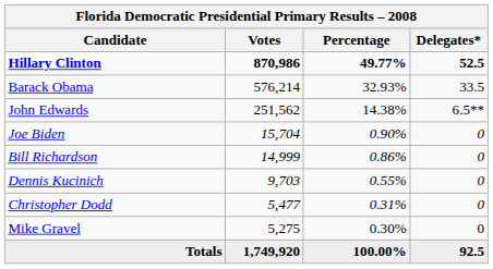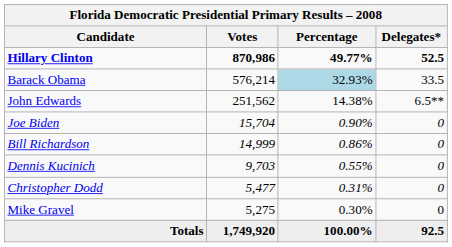 <table class="wikitable" style="font-size: 95%; text-align:right;">
 <tr>
 <th colspan="6">Florida Democratic Presidential Primary Results – 2008</th>
 </tr>
 <tr>
 <th style="width: 15em">Candidate</th>
 <th style="width: 5em">Votes</th>
 <th style="width: 7em">Percentage</th>
 <th style="width: 5em">Delegates*</th>
 </tr>
 <tr>
 <td align="left"><strong><a href='#'>Hillary Clinton</a></strong></td>
 <td><strong>870,986</strong></td>
 <td><strong>49.77%</strong></td>
 <td><strong>52.5</strong></td>
 </tr>
 <tr>
 <td align="left"><a href='#'>Barack Obama</a></td>
 <td>576,214</td>
-<td>32.93%</td>
+<td style="background: lightblue;">32.93%</td>
 <td>33.5</td>
 </tr>
 <tr>
 <td align="left"><a href='#'>John Edwards</a></td>
 <td>251,562</td>
 <td>14.38%</td>
 <td>6.5**</td>
 </tr>
 <tr>
 <td align="left"><em><a href='#'>Joe Biden</a></em></td>
 <td><em>15,704</em></td>
 <td><em>0.90%</em></td>
 <td><em>0</em></td>
 </tr>
 <tr>
 <td align="left"><em><a href='#'>Bill Richardson</a></em></td>
 <td><em>14,999</em></td>
 <td><em>0.86%</em></td>
 <td><em>0</em></td>
 </tr>
 <tr>
 <td align="left"><em><a href='#'>Dennis Kucinich</a></em></td>
 <td><em>9,703</em></td>
 <td><em>0.55%</em></td>
 <td><em>0</em></td>
 </tr>
 <tr>
 <td align="left"><em><a href='#'>Christopher Dodd</a></em></td>
 <td><em>5,477</em></td>
 <td><em>0.31%</em></td>
 <td><em>0</em></td>
 </tr>
 <tr>
 <td align="left"><a href='#'>Mike Gravel</a></td>
 <td>5,275</td>
 <td>0.30%</td>
 <td>0</td>
 </tr>
 <tr style="margin-right:0.5em" bgcolor="#EEEEEE">
 <td><strong>Totals</strong></td>
 <td><strong>1,749,920</strong></td>
 <td><strong>100.00%</strong></td>
 <td><strong>92.5</strong></td>
 </tr>
 </table>
